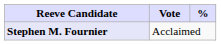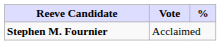 <table class="wikitable">
 <tr>
 <th style="background:#ddf; width:200px;">Reeve Candidate</th>
 <th style="background:#ddf; width:50px;">Vote</th>
 <th style="background:#ddf; width:30px;">%</th>
 </tr>
 <tr>
-<td style="background: lavender;"><strong>Stephen M. Fournier</strong></td>
+<td><strong>Stephen M. Fournier</strong></td>
 <td colspan="2">Acclaimed</td>
 </tr>
 </table>
